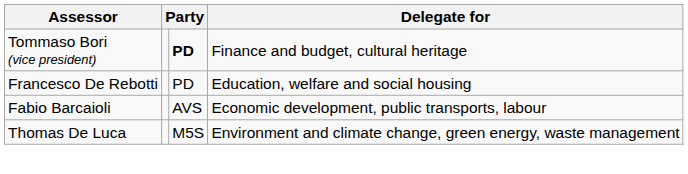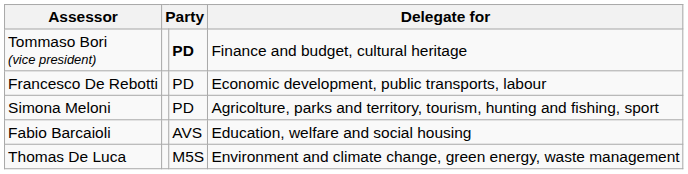 <table class="wikitable" style="font-size:95%;">
 <tr>
 <th>Assessor</th>
 <th colspan="2">Party</th>
 <th>Delegate for</th>
 </tr>
 <tr>
 <td>Tommaso Bori<br><small><em>(vice president)</em></small></td>
 <td style="background:"></td>
 <td><strong>PD</strong></td>
 <td>Finance and budget, cultural heritage</td>
 </tr>
 <tr>
 <td>Francesco De Rebotti</td>
 <td style="background:"></td>
 <td>PD</td>
-<td>Education, welfare and social housing</td>
+<td>Economic development, public transports, labour</td>
+</tr>
+<tr>
+<td>Simona Meloni</td>
+<td style="background:"></td>
+<td>PD</td>
+<td>Agricolture, parks and territory, tourism, hunting and fishing, sport</td>
 </tr>
 <tr>
 <td>Fabio Barcaioli</td>
 <td style="background:"></td>
 <td>AVS</td>
-<td>Economic development, public transports, labour</td>
+<td>Education, welfare and social housing</td>
 </tr>
 <tr>
 <td>Thomas De Luca</td>
 <td style="background:"></td>
 <td>M5S</td>
 <td>Environment and climate change, green energy, waste management</td>
 </tr>
 </table>
